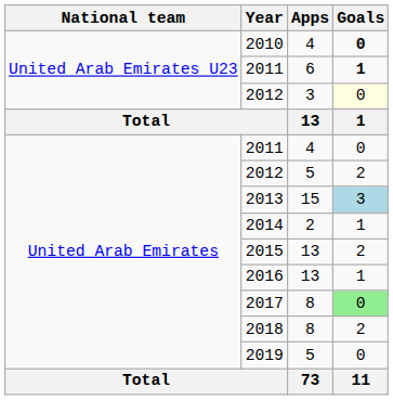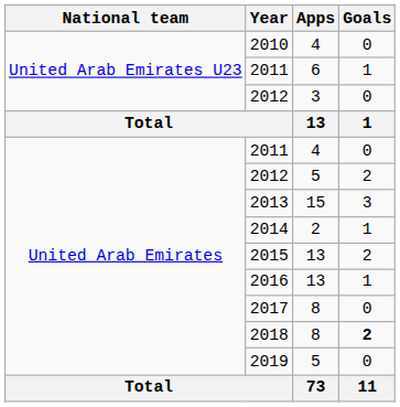 <table class="wikitable" style="text-align:center">
 <tr>
 <th>National team</th>
 <th>Year</th>
 <th>Apps</th>
 <th>Goals</th>
 </tr>
 <tr>
 <td rowspan="3"><a href='#'>United Arab Emirates U23</a></td>
 <td>2010</td>
 <td>4</td>
-<td><strong>0</strong></td>
+<td>0</td>
 </tr>
 <tr>
 <td>2011</td>
 <td>6</td>
-<td><strong>1</strong></td>
+<td>1</td>
 </tr>
 <tr>
 <td>2012</td>
 <td>3</td>
-<td style="background: lightyellow;">0</td>
+<td>0</td>
 </tr>
 <tr>
 <th colspan="2">Total</th>
 <th>13</th>
 <th>1</th>
 </tr>
 <tr>
 <td rowspan="9"><a href='#'>United Arab Emirates</a></td>
 <td>2011</td>
 <td>4</td>
 <td>0</td>
 </tr>
 <tr>
 <td>2012</td>
 <td>5</td>
 <td>2</td>
 </tr>
 <tr>
 <td>2013</td>
 <td>15</td>
-<td style="background: lightblue;">3</td>
+<td>3</td>
 </tr>
 <tr>
 <td>2014</td>
 <td>2</td>
 <td>1</td>
 </tr>
 <tr>
 <td>2015</td>
 <td>13</td>
 <td>2</td>
 </tr>
 <tr>
 <td>2016</td>
 <td>13</td>
 <td>1</td>
 </tr>
 <tr>
 <td>2017</td>
 <td>8</td>
-<td style="background: lightgreen;">0</td>
+<td>0</td>
 </tr>
 <tr>
 <td>2018</td>
 <td>8</td>
-<td>2</td>
+<td><strong>2</strong></td>
 </tr>
 <tr>
 <td>2019</td>
 <td>5</td>
 <td>0</td>
 </tr>
 <tr>
 <th colspan="2">Total</th>
 <th>73</th>
 <th>11</th>
 </tr>
 </table>
